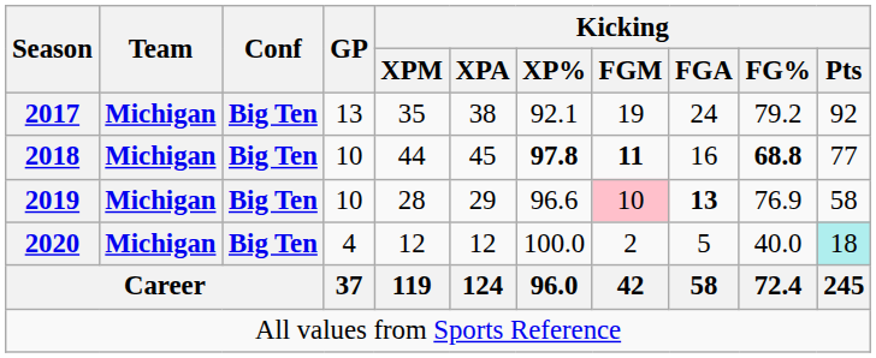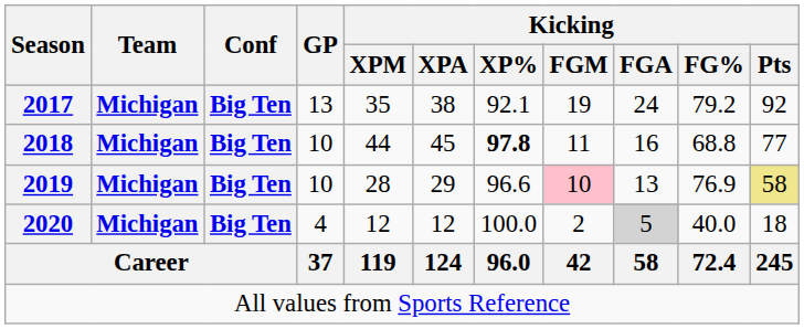 <table class="wikitable" style="text-align:center;">
 <tr>
 <th rowspan="2">Season</th>
 <th rowspan="2">Team</th>
 <th rowspan="2">Conf</th>
 <th rowspan="2">GP</th>
 <th colspan="7">Kicking</th>
 </tr>
 <tr>
 <th>XPM</th>
 <th>XPA</th>
 <th>XP%</th>
 <th>FGM</th>
 <th>FGA</th>
 <th>FG%</th>
 <th>Pts</th>
 </tr>
 <tr>
 <th><a href='#'>2017</a></th>
 <th><a href='#'>Michigan</a></th>
 <th><a href='#'>Big Ten</a></th>
 <td>13</td>
 <td>35</td>
 <td>38</td>
 <td>92.1</td>
 <td>19</td>
 <td>24</td>
 <td>79.2</td>
 <td>92</td>
 </tr>
 <tr>
 <th><a href='#'>2018</a></th>
 <th><a href='#'>Michigan</a></th>
 <th><a href='#'>Big Ten</a></th>
 <td>10</td>
 <td>44</td>
 <td>45</td>
 <td><strong>97.8</strong></td>
-<td><strong>11</strong></td>
+<td>11</td>
 <td>16</td>
-<td><strong>68.8</strong></td>
+<td>68.8</td>
 <td>77</td>
 </tr>
 <tr>
 <th><a href='#'>2019</a></th>
 <th><a href='#'>Michigan</a></th>
 <th><a href='#'>Big Ten</a></th>
 <td>10</td>
 <td>28</td>
 <td>29</td>
 <td>96.6</td>
 <td style="background: pink;">10</td>
-<td><strong>13</strong></td>
+<td>13</td>
 <td>76.9</td>
-<td>58</td>
+<td style="background: khaki;">58</td>
 </tr>
 <tr>
 <th><a href='#'>2020</a></th>
 <th><a href='#'>Michigan</a></th>
 <th><a href='#'>Big Ten</a></th>
 <td>4</td>
 <td>12</td>
 <td>12</td>
 <td>100.0</td>
 <td>2</td>
-<td>5</td>
+<td style="background: lightgrey;">5</td>
 <td>40.0</td>
-<td style="background: paleturquoise;">18</td>
+<td>18</td>
 </tr>
 <tr>
 <th colspan="3">Career</th>
 <th>37</th>
 <th>119</th>
 <th>124</th>
 <th>96.0</th>
 <th>42</th>
 <th>58</th>
 <th>72.4</th>
 <th>245</th>
 </tr>
 <tr>
 <td colspan="11">All values from <a href='#'>Sports Reference</a></td>
 </tr>
 </table>
